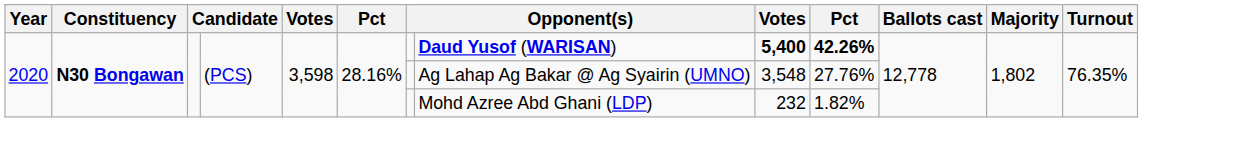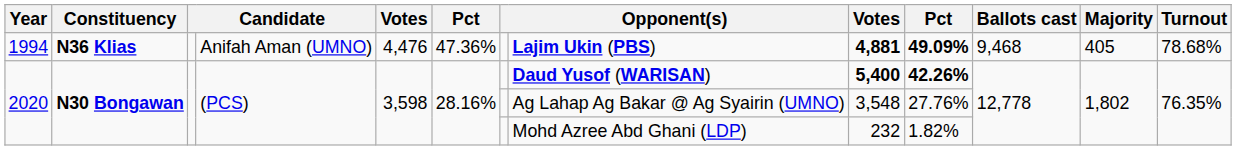 <table class="wikitable" style="margin:0.5em ; font-size:95%">
 <tr>
 <th>Year</th>
 <th>Constituency</th>
 <th colspan=2>Candidate</th>
 <th>Votes</th>
 <th>Pct</th>
 <th colspan=2>Opponent(s)</th>
 <th>Votes</th>
 <th>Pct</th>
 <th>Ballots cast</th>
 <th>Majority</th>
 <th>Turnout</th>
+</tr>
+<tr>
+<td rowspan=1><a href='#'>1994</a></td>
+<td rowspan=1><strong>N36 <a href='#'>Klias</a></strong></td>
+<td rowspan=1 ></td>
+<td rowspan=1>Anifah Aman (<a href='#'>UMNO</a>)</td>
+<td rowspan=1 align="right">4,476</td>
+<td rowspan=1>47.36%</td>
+<td></td>
+<td><strong><a href='#'>Lajim Ukin</a></strong> (<a href='#'><strong>PBS</strong></a>)</td>
+<td align="right"><strong>4,881</strong></td>
+<td><strong>49.09%</strong></td>
+<td rowspan=1>9,468</td>
+<td rowspan=1>405</td>
+<td rowspan=1>78.68%</td>
 </tr>
 <tr>
 <td rowspan=3><a href='#'>2020</a></td>
 <td rowspan=3><strong>N30 <a href='#'>Bongawan</a></strong></td>
 <td rowspan=3></td>
 <td rowspan=3> (<a href='#'>PCS</a>)</td>
 <td rowspan=3 align="right">3,598</td>
 <td rowspan=3>28.16%</td>
 <td></td>
 <td><strong><a href='#'>Daud Yusof</a></strong> (<a href='#'><strong>WARISAN</strong></a>)</td>
 <td align="right"><strong>5,400</strong></td>
 <td><strong>42.26%</strong></td>
 <td rowspan=3>12,778</td>
 <td rowspan=3>1,802</td>
 <td rowspan=3>76.35%</td>
 </tr>
 <tr>
 <td></td>
 <td>Ag Lahap Ag Bakar @ Ag Syairin (<a href='#'>UMNO</a>)</td>
 <td align="right">3,548</td>
 <td>27.76%</td>
 </tr>
 <tr>
 <td></td>
 <td>Mohd Azree Abd Ghani (<a href='#'>LDP</a>)</td>
 <td align="right">232</td>
 <td>1.82%</td>
 </tr>
 </table>
